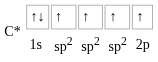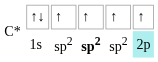 <table cellpadding=4px>
 <tr>
 <td rowspan=2>C*</td>
 <td style="border: 1px solid darkgray;">↑↓</td>
 <td style="border: 1px solid darkgray;">↑</td>
 <td style="border: 1px solid darkgray;">↑</td>
 <td style="border: 1px solid darkgray;">↑</td>
 <td style="border: 1px solid darkgray;">↑</td>
 </tr>
 <tr>
 <td>1s</td>
 <td>sp<sup>2</sup></td>
+<td><strong>sp<sup>2</sup></strong></td>
 <td>sp<sup>2</sup></td>
-<td>sp<sup>2</sup></td>
-<td>2p</td>
+<td style="background: paleturquoise;">2p</td>
 </tr>
 </table>
